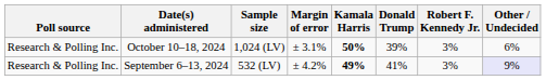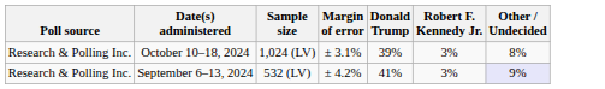 <table class="wikitable sortable mw-datatable" style="font-size:90%;text-align:center;line-height:17px">
 <tr valign=bottom>
 <th>Poll source</th>
 <th>Date(s)<br>administered</th>
 <th>Sample<br>size</th>
 <th>Margin<br>of error</th>
-<th class="unsortable">Kamala<br>Harris<br></th>
 <th class="unsortable">Donald<br>Trump<br></th>
 <th class="unsortable">Robert F.<br>Kennedy Jr.<br></th>
 <th class="unsortable">Other /<br>Undecided</th>
 </tr>
 <tr>
 <td style="text-align:left;">Research & Polling Inc.</td>
 <td data-sort-value="2024-10-18">October 10–18, 2024</td>
 <td>1,024 (LV)</td>
 <td>± 3.1%</td>
-<td style="color:black;background-color:"><strong>50%</strong></td>
 <td>39%</td>
 <td>3%</td>
-<td>6%</td>
+<td>8%</td>
 </tr>
 <tr>
 <td style="text-align:left;">Research & Polling Inc.</td>
 <td data-sort-value="2024-09-13">September 6–13, 2024</td>
 <td>532 (LV)</td>
 <td>± 4.2%</td>
-<td style="color:black;background-color:"><strong>49%</strong></td>
 <td>41%</td>
 <td>3%</td>
 <td style="background: lavender;">9%</td>
 </tr>
 </table>
